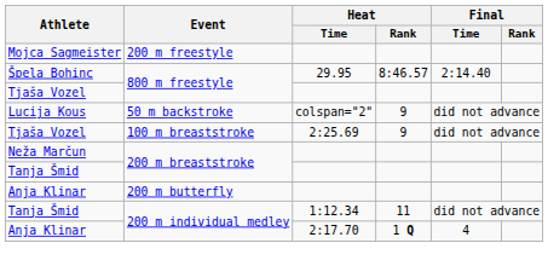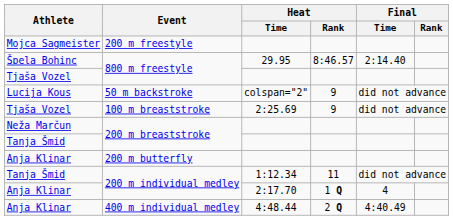 <table class=wikitable style="font-size:90%">
 <tr>
 <th rowspan="2">Athlete</th>
 <th rowspan="2">Event</th>
 <th colspan="2">Heat</th>
 <th colspan="2">Final</th>
 </tr>
 <tr style="font-size:95%">
 <th>Time</th>
 <th>Rank</th>
 <th>Time</th>
 <th>Rank</th>
 </tr>
 <tr align=center>
 <td align=left><a href='#'>Mojca Sagmeister</a></td>
 <td align=left><a href='#'>200 m freestyle</a></td>
 <td></td>
 <td></td>
 <td></td>
 <td></td>
 </tr>
 <tr align=center>
 <td align=left><a href='#'>Špela Bohinc</a></td>
 <td align=left rowspan=2><a href='#'>800 m freestyle</a></td>
 <td>29.95</td>
 <td>8:46.57</td>
 <td>2:14.40</td>
 </tr>
 <tr align=center>
 <td align=left><a href='#'>Tjaša Vozel</a></td>
 <td></td>
 <td></td>
 <td></td>
 <td></td>
 </tr>
 <tr align=center>
 <td align=left><a href='#'>Lucija Kous</a></td>
 <td align=left><a href='#'>50 m backstroke</a></td>
 <td>colspan="2" </td>
 <td>9</td>
 <td colspan="2">did not advance</td>
 </tr>
 <tr align=center>
 <td align=left><a href='#'>Tjaša Vozel</a></td>
 <td align=left><a href='#'>100 m breaststroke</a></td>
 <td>2:25.69</td>
 <td>9</td>
 <td colspan="2">did not advance</td>
 </tr>
 <tr align=center>
 <td align=left><a href='#'>Neža Marčun</a></td>
 <td align=left rowspan=2><a href='#'>200 m breaststroke</a></td>
 <td></td>
 <td></td>
 <td></td>
 <td></td>
 </tr>
 <tr align=center>
 <td align=left><a href='#'>Tanja Šmid</a></td>
 <td></td>
 <td></td>
 <td></td>
 <td></td>
 </tr>
 <tr align=center>
 <td align=left><a href='#'>Anja Klinar</a></td>
 <td align=left><a href='#'>200 m butterfly</a></td>
 <td></td>
 <td></td>
 <td></td>
 <td></td>
 </tr>
 <tr align=center>
 <td align=left><a href='#'>Tanja Šmid</a></td>
 <td align=left rowspan=2><a href='#'>200 m individual medley</a></td>
 <td>1:12.34</td>
 <td>11</td>
 <td colspan="2">did not advance</td>
 </tr>
 <tr align=center>
 <td align=left><a href='#'>Anja Klinar</a></td>
 <td>2:17.70</td>
 <td>1 <strong>Q</strong></td>
 <td>4</td>
 <td></td>
 </tr>
+<tr align=center>
+<td align=left><a href='#'>Anja Klinar</a></td>
+<td align=left><a href='#'>400 m individual medley</a></td>
+<td>4:48.44</td>
+<td>2 <strong>Q</strong></td>
+<td>4:40.49</td>
+<td></td>
+</tr>
 </table>
